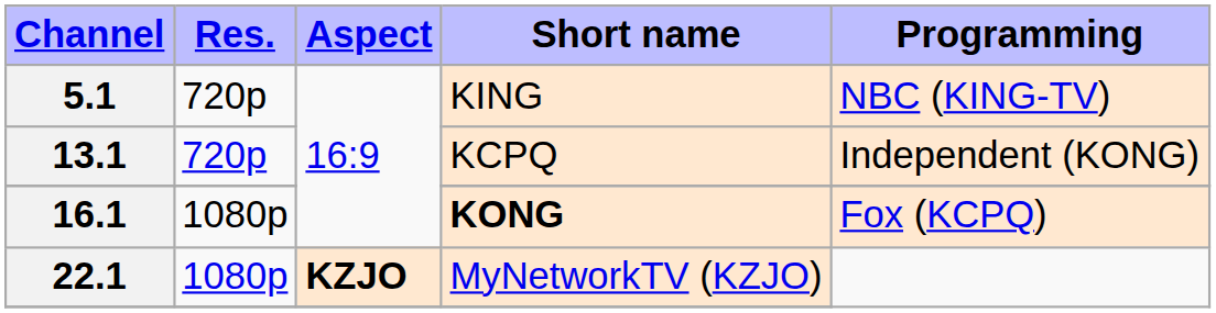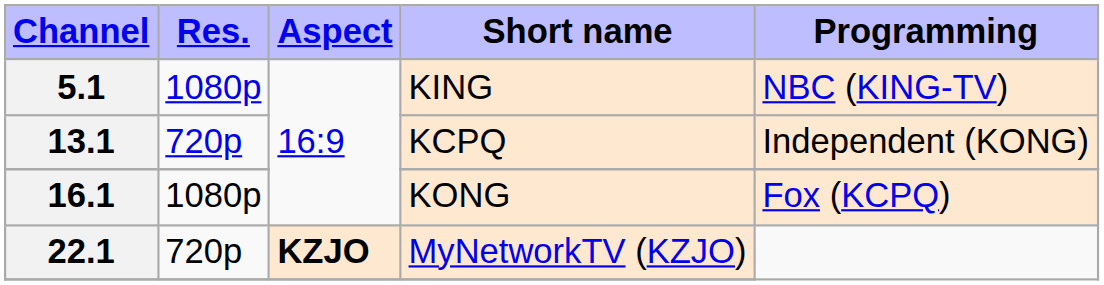 <table class="wikitable">
 <tr>
 <th style="background-color: #bdbdff" scope = "col"><a href='#'>Channel</a></th>
 <th style="background-color: #bdbdff" scope = "col"><a href='#'>Res.</a></th>
 <th style="background-color: #bdbdff" scope = "col"><a href='#'>Aspect</a></th>
 <th style="background-color: #bdbdff" scope = "col">Short name</th>
 <th style="background-color: #bdbdff" scope = "col">Programming</th>
 </tr>
 <tr>
 <th scope = "row">5.1</th>
-<td>720p</td>
+<td><a href='#'>1080p</a></td>
 <td rowspan="4"><a href='#'>16:9</a></td>
 <td style="background-color:#ffe8d0">KING</td>
 <td style="background-color:#ffe8d0"><a href='#'>NBC</a> (<a href='#'>KING-TV</a>) </td>
 </tr>
 <tr>
 <th scope = "row">13.1</th>
 <td><a href='#'>720p</a></td>
 <td style="background-color:#ffe8d0">KCPQ</td>
 <td style="background-color:#ffe8d0">Independent (KONG) </td>
 </tr>
 <tr>
 </tr>
 <tr>
 <th scope = "row">16.1</th>
 <td>1080p</td>
-<td style="background-color:#ffe8d0"><strong>KONG</strong></td>
+<td style="background-color:#ffe8d0">KONG</td>
 <td style="background-color:#ffe8d0"><a href='#'>Fox</a> (<a href='#'>KCPQ</a>) </td>
 </tr>
 <tr>
 <th scope = "row">22.1</th>
-<td><a href='#'>1080p</a></td>
+<td>720p</td>
 <td style="background-color:#ffe8d0"><strong>KZJO</strong></td>
 <td style="background-color:#ffe8d0"><a href='#'>MyNetworkTV</a> (<a href='#'>KZJO</a>) </td>
 </tr>
 <tr>
 </tr>
 </table>
